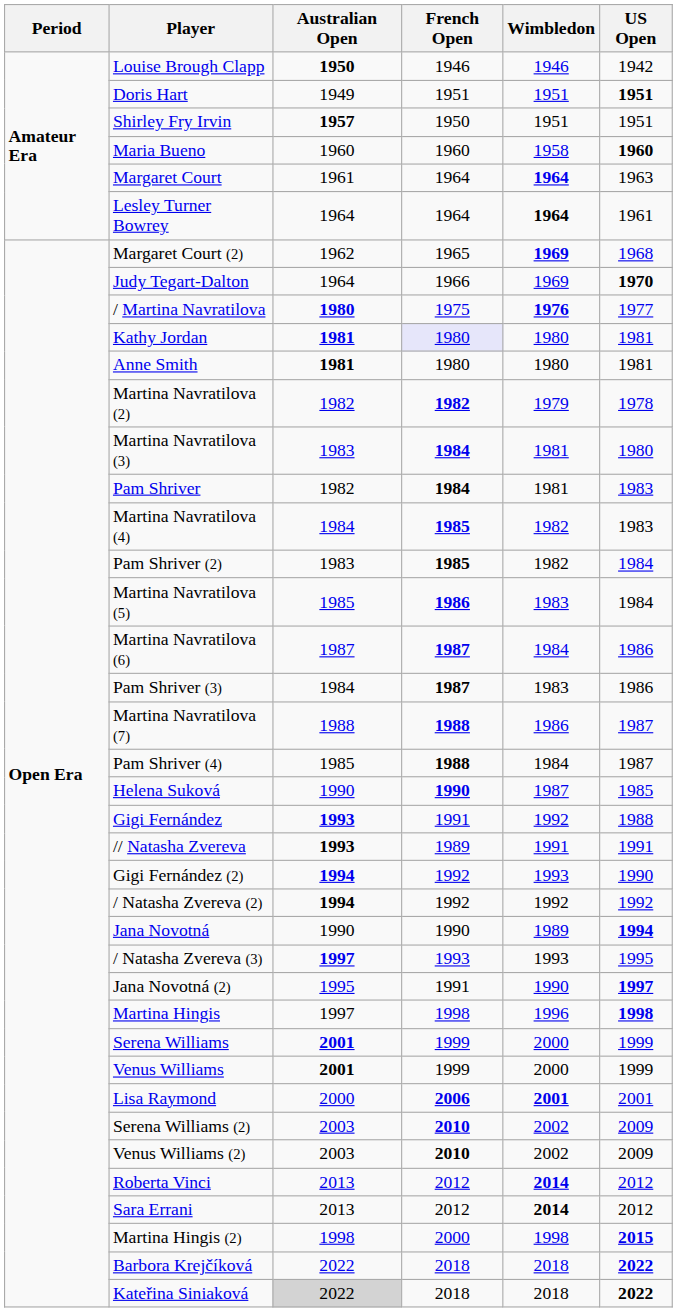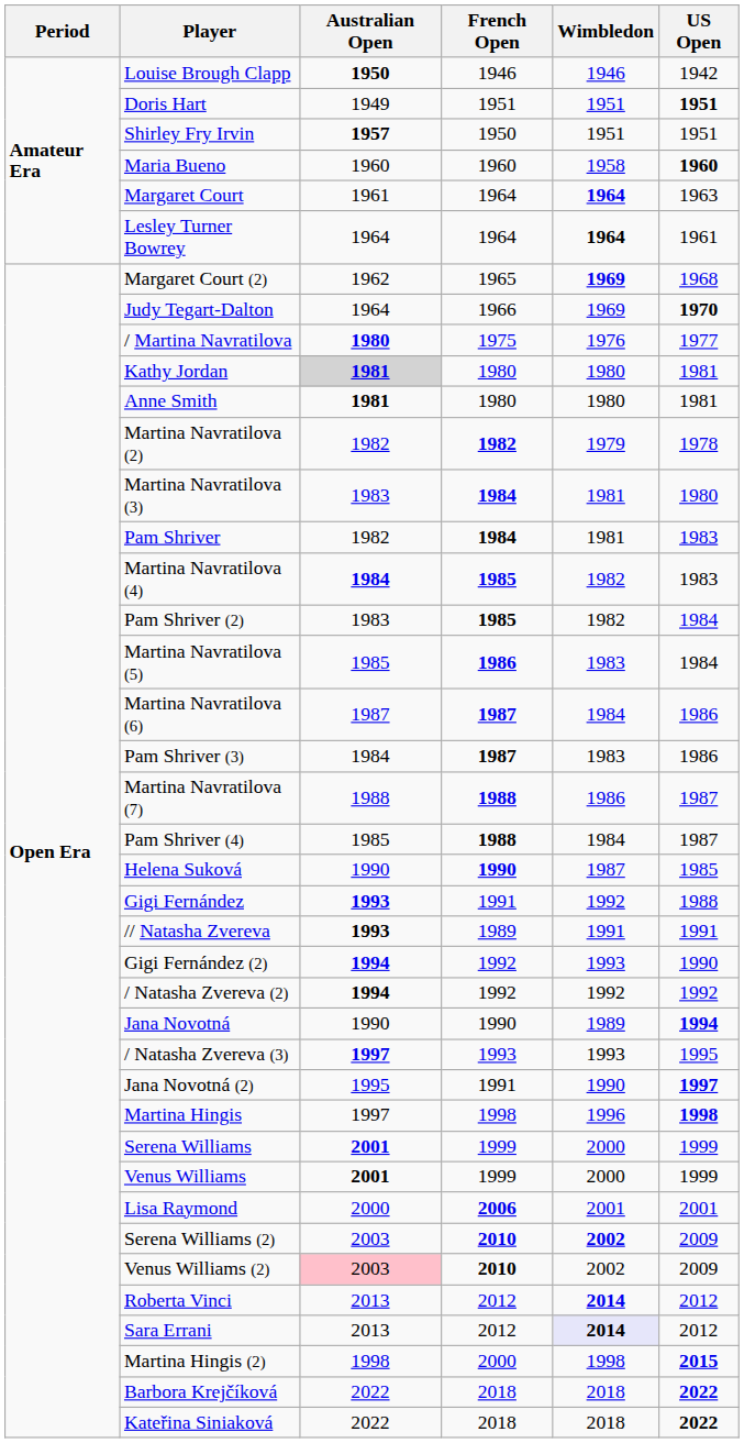 <table class="wikitable sortable mw-datatable sticky-table-row1 sort-under-center" style="text-align: center;">
 <tr>
 <th>Period</th>
 <th>Player</th>
 <th>Australian Open</th>
 <th>French Open</th>
 <th>Wimbledon</th>
 <th>US Open</th>
 </tr>
 <tr>
 <td rowspan="6" align=left><strong>Amateur Era</strong></td>
 <td style="text-align:left;"> <a href='#'>Louise Brough Clapp</a></td>
 <td><strong>1950</strong></td>
 <td>1946</td>
 <td><a href='#'>1946</a></td>
 <td>1942</td>
 </tr>
 <tr>
 <td style="text-align:left;"> <a href='#'>Doris Hart</a></td>
 <td>1949</td>
 <td>1951</td>
 <td><a href='#'>1951</a></td>
 <td><strong>1951</strong></td>
 </tr>
 <tr>
 <td style="text-align:left;"> <a href='#'>Shirley Fry Irvin</a></td>
 <td><strong>1957</strong></td>
 <td>1950</td>
 <td>1951</td>
 <td>1951</td>
 </tr>
 <tr>
 <td style="text-align:left;"> <a href='#'>Maria Bueno</a></td>
 <td>1960</td>
 <td>1960</td>
 <td><a href='#'>1958</a></td>
 <td><strong>1960</strong></td>
 </tr>
 <tr>
 <td style="text-align:left;"> <a href='#'>Margaret Court</a></td>
 <td>1961</td>
 <td>1964</td>
 <td><strong><a href='#'>1964</a></strong></td>
 <td>1963</td>
 </tr>
 <tr>
 <td style="text-align:left;"> <a href='#'>Lesley Turner Bowrey</a></td>
 <td>1964</td>
 <td>1964</td>
 <td><strong>1964</strong></td>
 <td>1961</td>
 </tr>
 <tr>
 <td align="left" rowspan=34><strong>Open Era</strong></td>
 <td style="text-align:left;"> Margaret Court <small>(2)</small></td>
 <td>1962</td>
 <td>1965</td>
 <td><strong><a href='#'>1969</a></strong></td>
 <td><a href='#'>1968</a></td>
 </tr>
 <tr>
 <td style="text-align:left;"> <a href='#'>Judy Tegart-Dalton</a></td>
 <td>1964</td>
 <td>1966</td>
 <td><a href='#'>1969</a></td>
 <td><strong>1970</strong></td>
 </tr>
 <tr>
 <td style="text-align:left;">/ <a href='#'>Martina Navratilova</a></td>
 <td><strong><a href='#'>1980</a></strong></td>
 <td><a href='#'>1975</a></td>
-<td><strong><a href='#'>1976</a></strong></td>
+<td><a href='#'>1976</a></td>
 <td><a href='#'>1977</a></td>
 </tr>
 <tr>
 <td style="text-align:left;"> <a href='#'>Kathy Jordan</a></td>
-<td><strong><a href='#'>1981</a></strong></td>
-<td style="background: lavender;"><a href='#'>1980</a></td>
+<td style="background: lightgrey;"><strong><a href='#'>1981</a></strong></td>
+<td><a href='#'>1980</a></td>
 <td><a href='#'>1980</a></td>
 <td><a href='#'>1981</a></td>
 </tr>
 <tr>
 <td style="text-align:left;"> <a href='#'>Anne Smith</a></td>
 <td><strong>1981</strong></td>
 <td>1980</td>
 <td>1980</td>
 <td>1981</td>
 </tr>
 <tr>
 <td style="text-align:left;"> Martina Navratilova <small>(2)</small></td>
 <td><a href='#'>1982</a></td>
 <td><strong><a href='#'>1982</a></strong></td>
 <td><a href='#'>1979</a></td>
 <td><a href='#'>1978</a></td>
 </tr>
 <tr>
 <td style="text-align:left;"> Martina Navratilova <small>(3)</small></td>
 <td><a href='#'>1983</a></td>
 <td><strong><a href='#'>1984</a></strong></td>
 <td><a href='#'>1981</a></td>
 <td><a href='#'>1980</a></td>
 </tr>
 <tr>
 <td style="text-align:left;"> <a href='#'>Pam Shriver</a></td>
 <td>1982</td>
 <td><strong>1984</strong></td>
 <td>1981</td>
 <td><a href='#'>1983</a></td>
 </tr>
 <tr>
 <td style="text-align:left;"> Martina Navratilova <small>(4)</small></td>
-<td><a href='#'>1984</a></td>
+<td><strong><a href='#'>1984</a></strong></td>
 <td><strong><a href='#'>1985</a></strong></td>
 <td><a href='#'>1982</a></td>
 <td>1983</td>
 </tr>
 <tr>
 <td style="text-align:left;"> Pam Shriver <small>(2)</small></td>
 <td>1983</td>
 <td><strong>1985</strong></td>
 <td>1982</td>
 <td><a href='#'>1984</a></td>
 </tr>
 <tr>
 <td style="text-align:left;"> Martina Navratilova <small>(5)</small></td>
 <td><a href='#'>1985</a></td>
 <td><strong><a href='#'>1986</a></strong></td>
 <td><a href='#'>1983</a></td>
 <td>1984</td>
 </tr>
 <tr>
 <td style="text-align:left;"> Martina Navratilova <small>(6)</small></td>
 <td><a href='#'>1987</a></td>
 <td><strong><a href='#'>1987</a></strong></td>
 <td><a href='#'>1984</a></td>
 <td><a href='#'>1986</a></td>
 </tr>
 <tr>
 <td style="text-align:left;"> Pam Shriver <small>(3)</small></td>
 <td>1984</td>
 <td><strong>1987</strong></td>
 <td>1983</td>
 <td>1986</td>
 </tr>
 <tr>
 <td style="text-align:left;"> Martina Navratilova <small>(7)</small></td>
 <td><a href='#'>1988</a></td>
 <td><strong><a href='#'>1988</a></strong></td>
 <td><a href='#'>1986</a></td>
 <td><a href='#'>1987</a></td>
 </tr>
 <tr>
 <td style="text-align:left;"> Pam Shriver <small>(4)</small></td>
 <td>1985</td>
 <td><strong>1988</strong></td>
 <td>1984</td>
 <td>1987</td>
 </tr>
 <tr>
 <td style="text-align:left;"> <a href='#'>Helena Suková</a></td>
 <td><a href='#'>1990</a></td>
 <td><strong><a href='#'>1990</a></strong></td>
 <td><a href='#'>1987</a></td>
 <td><a href='#'>1985</a></td>
 </tr>
 <tr>
 <td style="text-align:left;"> <a href='#'>Gigi Fernández</a></td>
 <td><strong><a href='#'>1993</a></strong></td>
 <td><a href='#'>1991</a></td>
 <td><a href='#'>1992</a></td>
 <td><a href='#'>1988</a></td>
 </tr>
 <tr>
 <td style="text-align:left;">// <a href='#'>Natasha Zvereva</a></td>
 <td><strong>1993</strong></td>
 <td><a href='#'>1989</a></td>
 <td><a href='#'>1991</a></td>
 <td><a href='#'>1991</a></td>
 </tr>
 <tr>
 <td style="text-align:left;"> Gigi Fernández <small>(2)</small></td>
 <td><strong><a href='#'>1994</a></strong></td>
 <td><a href='#'>1992</a></td>
 <td><a href='#'>1993</a></td>
 <td><a href='#'>1990</a></td>
 </tr>
 <tr>
 <td style="text-align:left;">/ Natasha Zvereva <small>(2)</small></td>
 <td><strong>1994</strong></td>
 <td>1992</td>
 <td>1992</td>
 <td><a href='#'>1992</a></td>
 </tr>
 <tr>
 <td style="text-align:left;"> <a href='#'>Jana Novotná</a></td>
 <td>1990</td>
 <td>1990</td>
 <td><a href='#'>1989</a></td>
 <td><strong><a href='#'>1994</a></strong></td>
 </tr>
 <tr>
 <td style="text-align:left;">/ Natasha Zvereva <small>(3)</small></td>
 <td><strong><a href='#'>1997</a></strong></td>
 <td><a href='#'>1993</a></td>
 <td>1993</td>
 <td><a href='#'>1995</a></td>
 </tr>
 <tr>
 <td style="text-align:left;"> Jana Novotná <small>(2)</small></td>
 <td><a href='#'>1995</a></td>
 <td>1991</td>
 <td><a href='#'>1990</a></td>
 <td><strong><a href='#'>1997</a></strong></td>
 </tr>
 <tr>
 <td style="text-align:left;"> <a href='#'>Martina Hingis</a></td>
 <td>1997</td>
 <td><a href='#'>1998</a></td>
 <td><a href='#'>1996</a></td>
 <td><strong><a href='#'>1998</a></strong></td>
 </tr>
 <tr>
 <td style="text-align:left;"> <a href='#'>Serena Williams</a></td>
 <td><strong><a href='#'>2001</a></strong></td>
 <td><a href='#'>1999</a></td>
 <td><a href='#'>2000</a></td>
 <td><a href='#'>1999</a></td>
 </tr>
 <tr>
 <td style="text-align:left;"> <a href='#'>Venus Williams</a></td>
 <td><strong>2001</strong></td>
 <td>1999</td>
 <td>2000</td>
 <td>1999</td>
 </tr>
 <tr>
 <td style="text-align:left;"> <a href='#'>Lisa Raymond</a></td>
 <td><a href='#'>2000</a></td>
 <td><strong><a href='#'>2006</a></strong></td>
-<td><strong><a href='#'>2001</a></strong></td>
+<td><a href='#'>2001</a></td>
 <td><a href='#'>2001</a></td>
 </tr>
 <tr>
 <td style="text-align:left;"> Serena Williams <small>(2)</small></td>
 <td><a href='#'>2003</a></td>
 <td><strong><a href='#'>2010</a></strong></td>
-<td><a href='#'>2002</a></td>
+<td><strong><a href='#'>2002</a></strong></td>
 <td><a href='#'>2009</a></td>
 </tr>
 <tr>
 <td style="text-align:left;"> Venus Williams <small>(2)</small></td>
-<td>2003</td>
+<td style="background: pink;">2003</td>
 <td><strong>2010</strong></td>
 <td>2002</td>
 <td>2009</td>
 </tr>
 <tr>
 <td style="text-align:left;"> <a href='#'>Roberta Vinci</a></td>
 <td><a href='#'>2013</a></td>
 <td><a href='#'>2012</a></td>
 <td><strong><a href='#'>2014</a></strong></td>
 <td><a href='#'>2012</a></td>
 </tr>
 <tr>
 <td style="text-align:left;"> <a href='#'>Sara Errani</a></td>
 <td>2013</td>
 <td>2012</td>
-<td><strong>2014</strong></td>
+<td style="background: lavender;"><strong>2014</strong></td>
 <td>2012</td>
 </tr>
 <tr>
 <td style="text-align:left;"> Martina Hingis <small>(2)</small></td>
 <td><a href='#'>1998</a></td>
 <td><a href='#'>2000</a></td>
 <td><a href='#'>1998</a></td>
 <td><strong><a href='#'>2015</a></strong></td>
 </tr>
 <tr>
 <td style="text-align:left;"> <a href='#'>Barbora Krejčíková</a></td>
 <td><a href='#'>2022</a></td>
 <td><a href='#'>2018</a></td>
 <td><a href='#'>2018</a></td>
 <td><strong><a href='#'>2022</a></strong></td>
 </tr>
 <tr>
 <td style="text-align:left;"> <a href='#'>Kateřina Siniaková</a></td>
-<td style="background: lightgrey;">2022</td>
+<td>2022</td>
 <td>2018</td>
 <td>2018</td>
 <td><strong>2022</strong></td>
 </tr>
 </table>
